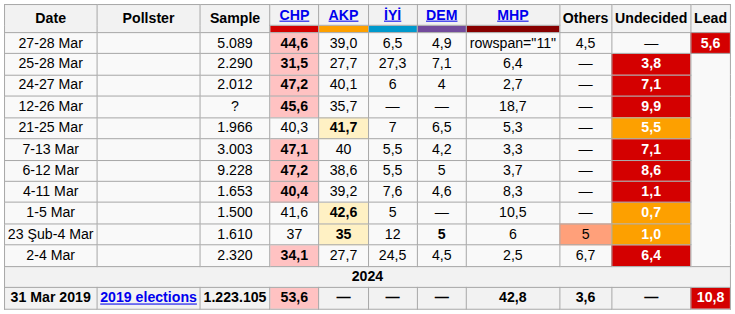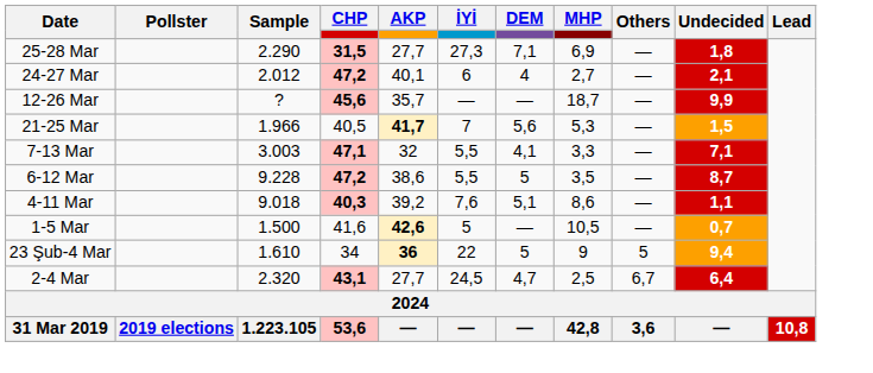 <table class="wikitable mw-collapsible" style="text-align:center; font-size:85%; line-height:14px;">
 <tr>
 <th rowspan="2">Date</th>
 <th rowspan="2">Pollster</th>
 <th rowspan="2">Sample</th>
 <th style="width:3em;"><a href='#'>CHP</a></th>
 <th style="width:3em;"><a href='#'>AKP</a></th>
 <th style="width:3em;"><a href='#'>İYİ</a></th>
 <th style="width:3em;"><a href='#'>DEM</a></th>
 <th style="width:3em;"><a href='#'>MHP</a></th>
 <th rowspan="2">Others</th>
 <th rowspan="2">Undecided</th>
 <th rowspan="2">Lead</th>
 </tr>
 <tr>
 <th style="background:#d40000;"></th>
 <th style="background:#fda000;"></th>
 <th style="background:#0099cc;"></th>
 <th style="background:#734B9C;"></th>
 <th style="background:#870000;"></th>
 </tr>
 <tr>
-<td>27-28 Mar</td>
-<td></td>
-<td>5.089</td>
-<td style="background:#FFC2C2"><strong>44,6</strong></td>
-<td>39,0</td>
-<td>6,5</td>
-<td>4,9</td>
-<td>rowspan="11" </td>
-<td>4,5</td>
-<td>—</td>
-<th style="background:#d40000; color:white;">5,6</th>
-</tr>
-<tr>
 <td>25-28 Mar</td>
 <td></td>
 <td>2.290</td>
 <td style="background:#FFC2C2"><strong>31,5</strong></td>
 <td>27,7</td>
 <td>27,3</td>
 <td>7,1</td>
-<td>6,4</td>
+<td>6,9</td>
 <td>—</td>
-<th style="background:#d40000; color:white;">3,8</th>
+<th style="background:#d40000; color:white;">1,8</th>
 </tr>
 <tr>
 <td>24-27 Mar</td>
 <td></td>
 <td>2.012</td>
 <th style="background:#FFC2C2">47,2</th>
 <td>40,1</td>
 <td>6</td>
 <td>4</td>
 <td>2,7</td>
 <td>—</td>
-<th style="background:#d40000; color:white;">7,1</th>
+<th style="background:#d40000; color:white;">2,1</th>
 </tr>
 <tr>
 <td>12-26 Mar</td>
 <td></td>
 <td>?</td>
 <td style="background:#FFC2C2"><strong>45,6</strong></td>
 <td>35,7</td>
 <td>—</td>
 <td>—</td>
 <td>18,7</td>
 <td>—</td>
 <th style="background:#d40000; color:white;">9,9</th>
 </tr>
 <tr>
 <td>21-25 Mar</td>
 <td></td>
 <td>1.966</td>
-<td>40,3</td>
+<td>40,5</td>
 <td style="background:#FFF1C4"><strong>41,7</strong></td>
 <td>7</td>
-<td>6,5</td>
+<td>5,6</td>
 <td>5,3</td>
 <td>—</td>
-<th style="background:#fda000; color:white;">5,5</th>
+<th style="background:#fda000; color:white;">1,5</th>
 </tr>
 <tr>
 <td>7-13 Mar</td>
 <td></td>
 <td>3.003</td>
 <th style="background:#FFC2C2"><strong>47,1</strong></th>
-<td>40</td>
+<td>32</td>
 <td>5,5</td>
-<td>4,2</td>
+<td>4,1</td>
 <td>3,3</td>
 <td>—</td>
 <th style="background:#d40000; color:white;">7,1</th>
 </tr>
 <tr>
 <td>6-12 Mar</td>
 <td></td>
 <td>9.228</td>
 <th style="background:#FFC2C2"><strong>47,2</strong></th>
 <td>38,6</td>
 <td>5,5</td>
 <td>5</td>
-<td>3,7</td>
+<td>3,5</td>
 <td>—</td>
-<th style="background:#d40000; color:white;">8,6</th>
+<th style="background:#d40000; color:white;">8,7</th>
 </tr>
 <tr>
 <td>4-11 Mar</td>
 <td></td>
-<td>1.653</td>
-<td style="background:#FFC2C2"><strong>40,4</strong></td>
+<td>9.018</td>
+<td style="background:#FFC2C2"><strong>40,3</strong></td>
 <td>39,2</td>
 <td>7,6</td>
-<td>4,6</td>
-<td>8,3</td>
+<td>5,1</td>
+<td>8,6</td>
 <td>—</td>
 <th style="background:#d40000; color:white;">1,1</th>
 </tr>
 <tr>
 <td>1-5 Mar</td>
 <td></td>
 <td>1.500</td>
 <td>41,6</td>
 <td style="background:#FFF1C4"><strong>42,6</strong></td>
 <td>5</td>
 <td>—</td>
 <td>10,5</td>
 <td>—</td>
 <th style="background:#fda000; color:white;">0,7</th>
 </tr>
 <tr>
 <td>23 Şub-4 Mar</td>
 <td></td>
 <td>1.610</td>
-<td>37</td>
-<td style="background:#FFF1C4"><strong>35</strong></td>
-<td>12</td>
-<td><strong>5</strong></td>
-<td>6</td>
-<td style="background: lightsalmon;">5</td>
-<th style="background:#fda000; color:white;">1,0</th>
+<td>34</td>
+<td style="background:#FFF1C4"><strong>36</strong></td>
+<td>22</td>
+<td>5</td>
+<td>9</td>
+<td>5</td>
+<th style="background:#fda000; color:white;">9,4</th>
 </tr>
 <tr>
 <td>2-4 Mar</td>
 <td></td>
 <td>2.320</td>
-<th style="background:#FFC2C2"><strong>34,1</strong></th>
+<th style="background:#FFC2C2"><strong>43,1</strong></th>
 <td>27,7</td>
 <td>24,5</td>
-<td>4,5</td>
+<td>4,7</td>
 <td>2,5</td>
 <td>6,7</td>
 <th style="background:#d40000; color:white;">6,4</th>
 </tr>
 <tr>
 <th colspan="11">2024</th>
 </tr>
 <tr>
 <th>31 Mar 2019</th>
 <th><a href='#'>2019 elections</a></th>
 <th>1.223.105</th>
 <th style="background:#FFC2C2"><strong>53,6</strong></th>
 <th>—</th>
 <th>—</th>
 <th>—</th>
 <th>42,8</th>
 <th>3,6</th>
 <th>—</th>
 <th style="background:#d40000; color:white;">10,8</th>
 </tr>
 </table>
